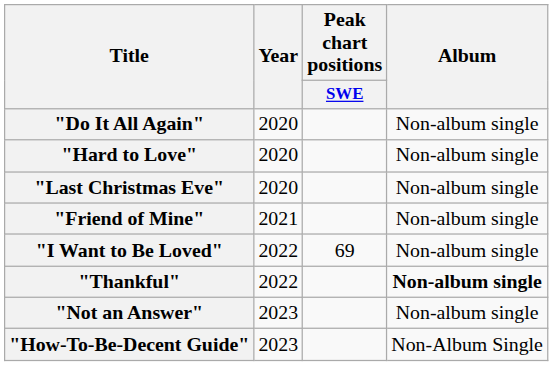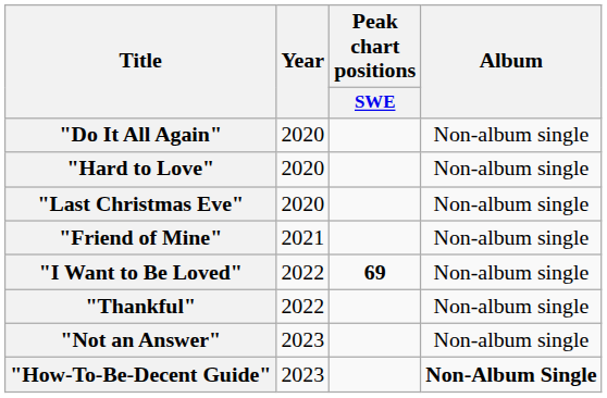 <table class="wikitable plainrowheaders" style="text-align:center;">
 <tr>
 <th scope="col" rowspan="2">Title</th>
 <th scope="col" rowspan="2">Year</th>
 <th scope="col" colspan="1">Peak chart positions</th>
 <th scope="col" rowspan="2">Album</th>
 </tr>
 <tr>
 <th scope="col" style="width:3em;font-size:85%;"><a href='#'>SWE</a><br></th>
 </tr>
 <tr>
 <th>"Do It All Again"</th>
 <td>2020</td>
 <td></td>
 <td>Non-album single</td>
 </tr>
 <tr>
 <th>"Hard to Love"</th>
 <td>2020</td>
 <td></td>
 <td>Non-album single</td>
 </tr>
 <tr>
 <th>"Last Christmas Eve"</th>
 <td>2020</td>
 <td></td>
 <td>Non-album single</td>
 </tr>
 <tr>
 <th>"Friend of Mine"</th>
 <td>2021</td>
 <td></td>
 <td>Non-album single</td>
 </tr>
 <tr>
 <th>"I Want to Be Loved"</th>
 <td>2022</td>
-<td>69</td>
+<td><strong>69</strong></td>
 <td>Non-album single</td>
 </tr>
 <tr>
 <th>"Thankful"</th>
 <td>2022</td>
 <td></td>
-<td><strong>Non-album single</strong></td>
+<td>Non-album single</td>
 </tr>
 <tr>
 <th>"Not an Answer"</th>
 <td>2023</td>
 <td></td>
 <td>Non-album single</td>
 </tr>
 <tr>
 <th>"How-To-Be-Decent Guide"</th>
 <td>2023</td>
 <td></td>
-<td>Non-Album Single</td>
+<td><strong>Non-Album Single</strong></td>
 </tr>
 </table>
